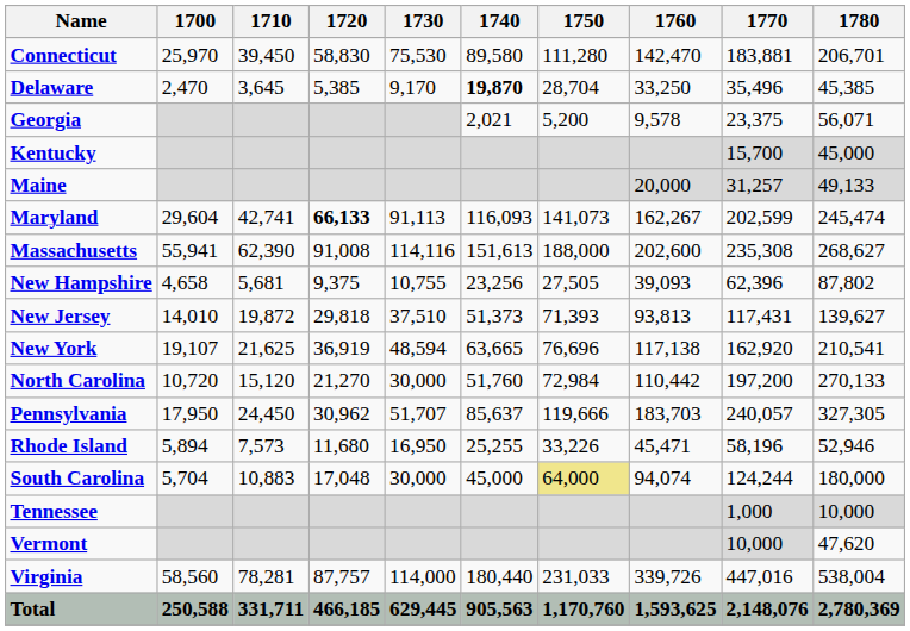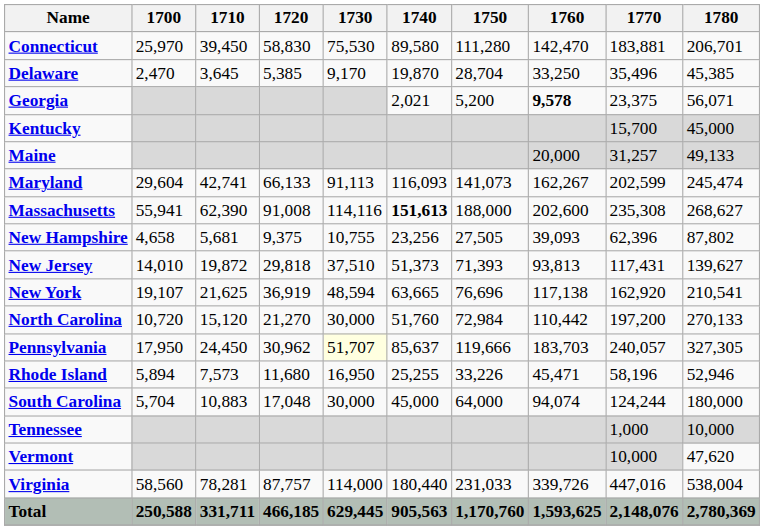 <table class="wikitable sortable" style="font-size:100%" style="text-align:right;">
 <tr bgcolor="#CCCCCC">
 <th>Name</th>
 <th data-sort-type="number">1700</th>
 <th data-sort-type="number">1710</th>
 <th data-sort-type="number">1720</th>
 <th data-sort-type="number">1730</th>
 <th data-sort-type="number">1740</th>
 <th data-sort-type="number">1750</th>
 <th data-sort-type="number">1760</th>
 <th data-sort-type="number">1770</th>
 <th data-sort-type="number">1780</th>
 </tr>
 <tr>
 <td height="13" align="left"><strong><a href='#'>Connecticut</a></strong></td>
 <td>25,970</td>
 <td>39,450</td>
 <td>58,830</td>
 <td>75,530</td>
 <td>89,580</td>
 <td>111,280</td>
 <td>142,470</td>
 <td>183,881</td>
 <td>206,701</td>
 </tr>
 <tr>
 <td height="13" align="left"><strong><a href='#'>Delaware</a></strong></td>
 <td>2,470</td>
 <td>3,645</td>
 <td>5,385</td>
 <td>9,170</td>
-<td><strong>19,870</strong></td>
+<td>19,870</td>
 <td>28,704</td>
 <td>33,250</td>
 <td>35,496</td>
 <td>45,385</td>
 </tr>
 <tr>
 <td height="13" align="left"><strong><a href='#'>Georgia</a></strong></td>
 <td style="background-color:#D9D9D9" align="center"></td>
 <td style="background-color:#D9D9D9" align="center"></td>
 <td style="background-color:#D9D9D9" align="center"></td>
 <td style="background-color:#D9D9D9" align="center"></td>
 <td>2,021</td>
 <td>5,200</td>
-<td>9,578</td>
+<td><strong>9,578</strong></td>
 <td>23,375</td>
 <td>56,071</td>
 </tr>
 <tr>
 <td height="13" align="left"><strong><a href='#'>Kentucky</a></strong></td>
 <td style="background-color:#D9D9D9" align="center"></td>
 <td style="background-color:#D9D9D9" align="center"></td>
 <td style="background-color:#D9D9D9" align="center"></td>
 <td style="background-color:#D9D9D9" align="center"></td>
 <td style="background-color:#D9D9D9" align="center"></td>
 <td style="background-color:#D9D9D9" align="center"></td>
 <td style="background-color:#D9D9D9" align="center"></td>
 <td style="background-color:#D9D9D9">15,700</td>
 <td style="background-color:#D9D9D9">45,000</td>
 </tr>
 <tr>
 <td height="13" align="left"><strong><a href='#'>Maine</a></strong></td>
 <td style="background-color:#D9D9D9" align="center"></td>
 <td style="background-color:#D9D9D9" align="center"></td>
 <td style="background-color:#D9D9D9" align="center"></td>
 <td style="background-color:#D9D9D9" align="center"></td>
 <td style="background-color:#D9D9D9" align="center"></td>
 <td style="background-color:#D9D9D9" align="center"></td>
 <td style="background-color:#D9D9D9">20,000</td>
 <td style="background-color:#D9D9D9">31,257</td>
 <td style="background-color:#D9D9D9">49,133</td>
 </tr>
 <tr>
 <td height="13" align="left"><strong><a href='#'>Maryland</a></strong></td>
 <td>29,604</td>
 <td>42,741</td>
-<td><strong>66,133</strong></td>
+<td>66,133</td>
 <td>91,113</td>
 <td>116,093</td>
 <td>141,073</td>
 <td>162,267</td>
 <td>202,599</td>
 <td>245,474</td>
 </tr>
 <tr>
 <td height="13" align="left"><strong><a href='#'>Massachusetts</a></strong></td>
 <td>55,941</td>
 <td>62,390</td>
 <td>91,008</td>
 <td>114,116</td>
-<td>151,613</td>
+<td><strong>151,613</strong></td>
 <td>188,000</td>
 <td>202,600</td>
 <td>235,308</td>
 <td>268,627</td>
 </tr>
 <tr>
 <td height="13" align="left"><strong><a href='#'>New Hampshire</a></strong></td>
 <td>4,658</td>
 <td>5,681</td>
 <td>9,375</td>
 <td>10,755</td>
 <td>23,256</td>
 <td>27,505</td>
 <td>39,093</td>
 <td>62,396</td>
 <td>87,802</td>
 </tr>
 <tr>
 <td height="13" align="left"><strong><a href='#'>New Jersey</a></strong></td>
 <td>14,010</td>
 <td>19,872</td>
 <td>29,818</td>
 <td>37,510</td>
 <td>51,373</td>
 <td>71,393</td>
 <td>93,813</td>
 <td>117,431</td>
 <td>139,627</td>
 </tr>
 <tr>
 <td height="13" align="left"><strong><a href='#'>New York</a></strong></td>
 <td>19,107</td>
 <td>21,625</td>
 <td>36,919</td>
 <td>48,594</td>
 <td>63,665</td>
 <td>76,696</td>
 <td>117,138</td>
 <td>162,920</td>
 <td>210,541</td>
 </tr>
 <tr>
 <td height="13" align="left"><strong><a href='#'>North Carolina</a></strong></td>
 <td>10,720</td>
 <td>15,120</td>
 <td>21,270</td>
 <td>30,000</td>
 <td>51,760</td>
 <td>72,984</td>
 <td>110,442</td>
 <td>197,200</td>
 <td>270,133</td>
 </tr>
 <tr>
 <td height="13" align="left"><strong><a href='#'>Pennsylvania</a></strong></td>
 <td>17,950</td>
 <td>24,450</td>
 <td>30,962</td>
-<td>51,707</td>
+<td style="background: lightyellow;">51,707</td>
 <td>85,637</td>
 <td>119,666</td>
 <td>183,703</td>
 <td>240,057</td>
 <td>327,305</td>
 </tr>
 <tr>
 <td height="13" align="left"><strong><a href='#'>Rhode Island</a></strong></td>
 <td>5,894</td>
 <td>7,573</td>
 <td>11,680</td>
 <td>16,950</td>
 <td>25,255</td>
 <td>33,226</td>
 <td>45,471</td>
 <td>58,196</td>
 <td>52,946</td>
 </tr>
 <tr>
 <td height="13" align="left"><strong><a href='#'>South Carolina</a></strong></td>
 <td>5,704</td>
 <td>10,883</td>
 <td>17,048</td>
 <td>30,000</td>
 <td>45,000</td>
-<td style="background: khaki;">64,000</td>
+<td>64,000</td>
 <td>94,074</td>
 <td>124,244</td>
 <td>180,000</td>
 </tr>
 <tr>
 <td height="13" align="left"><strong><a href='#'>Tennessee</a></strong></td>
 <td style="background-color:#D9D9D9" align="center"></td>
 <td style="background-color:#D9D9D9" align="center"></td>
 <td style="background-color:#D9D9D9" align="center"></td>
 <td style="background-color:#D9D9D9" align="center"></td>
 <td style="background-color:#D9D9D9" align="center"></td>
 <td style="background-color:#D9D9D9" align="center"></td>
 <td style="background-color:#D9D9D9" align="center"></td>
 <td style="background-color:#D9D9D9">1,000</td>
 <td style="background-color:#D9D9D9">10,000</td>
 </tr>
 <tr>
 <td height="13" align="left"><strong><a href='#'>Vermont</a></strong></td>
 <td style="background-color:#D9D9D9" align="center"></td>
 <td style="background-color:#D9D9D9" align="center"></td>
 <td style="background-color:#D9D9D9" align="center"></td>
 <td style="background-color:#D9D9D9" align="center"></td>
 <td style="background-color:#D9D9D9" align="center"></td>
 <td style="background-color:#D9D9D9" align="center"></td>
 <td style="background-color:#D9D9D9" align="center"></td>
 <td style="background-color:#D9D9D9">10,000</td>
 <td>47,620</td>
 </tr>
 <tr>
 <td height="13" align="left"><strong><a href='#'>Virginia</a></strong></td>
 <td>58,560</td>
 <td>78,281</td>
 <td>87,757</td>
 <td>114,000</td>
 <td>180,440</td>
 <td>231,033</td>
 <td>339,726</td>
 <td>447,016</td>
 <td>538,004</td>
 </tr>
 <tr class="sortbottom" bgcolor="B2BEB5">
 <td style="font-weight:bold" height="13" align="left"><strong>Total</strong></td>
 <td style="font-weight:bold">250,588</td>
 <td style="font-weight:bold">331,711</td>
 <td style="font-weight:bold">466,185</td>
 <td style="font-weight:bold">629,445</td>
 <td style="font-weight:bold">905,563</td>
 <td style="font-weight:bold">1,170,760</td>
 <td style="font-weight:bold">1,593,625</td>
 <td style="font-weight:bold">2,148,076</td>
 <td style="font-weight:bold">2,780,369</td>
 </tr>
 <tr>
 </tr>
 </table>
